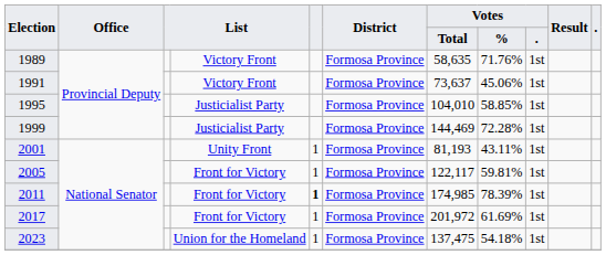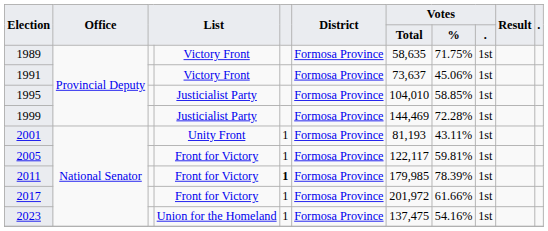 <table class="wikitable" style="font-size:90%; text-align:center;">
 <tr>
 <th style="background-color:#EAECF0;" rowspan=2>Election</th>
 <th style="background-color:#EAECF0;" rowspan=2>Office</th>
 <th style="background-color:#EAECF0;" colspan=2 rowspan=2>List</th>
 <th style="background-color:#EAECF0;" rowspan=2></th>
 <th style="background-color:#EAECF0;" rowspan=2>District</th>
 <th style="background-color:#EAECF0;" colspan=3>Votes</th>
 <th style="background-color:#EAECF0;" rowspan=2>Result</th>
 <th style="background-color:#EAECF0;" rowspan=2>.</th>
 </tr>
 <tr>
 <th style="background-color:#EAECF0;">Total</th>
 <th style="background-color:#EAECF0;">%</th>
 <th style="background-color:#EAECF0;">.</th>
 </tr>
 <tr>
 <td style="background-color:#EAECF0;">1989</td>
 <td rowspan="4"><a href='#'>Provincial Deputy</a></td>
 <td style="background-color:"></td>
 <td><a href='#'>Victory Front</a></td>
 <td></td>
 <td><a href='#'>Formosa Province</a></td>
 <td>58,635</td>
-<td>71.76%</td>
+<td>71.75%</td>
 <td>1st</td>
 <td></td>
 <td></td>
 </tr>
 <tr>
 <td style="background-color:#EAECF0;">1991</td>
 <td style="background-color:"></td>
 <td><a href='#'>Victory Front</a></td>
 <td></td>
 <td><a href='#'>Formosa Province</a></td>
 <td>73,637</td>
 <td>45.06%</td>
 <td>1st</td>
 <td></td>
 <td></td>
 </tr>
 <tr>
 <td style="background-color:#EAECF0;">1995</td>
 <td style="background-color:"></td>
 <td><a href='#'>Justicialist Party</a></td>
 <td></td>
 <td><a href='#'>Formosa Province</a></td>
 <td>104,010</td>
 <td>58.85%</td>
 <td>1st</td>
 <td></td>
 <td></td>
 </tr>
 <tr>
 <td style="background-color:#EAECF0;">1999</td>
 <td style="background-color:"></td>
 <td><a href='#'>Justicialist Party</a></td>
 <td></td>
 <td><a href='#'>Formosa Province</a></td>
 <td>144,469</td>
 <td>72.28%</td>
 <td>1st</td>
 <td></td>
 <td></td>
 </tr>
 <tr>
 <td style="background-color:#EAECF0;"><a href='#'>2001</a></td>
 <td rowspan="5"><a href='#'>National Senator</a></td>
 <td style="background-color:"></td>
 <td><a href='#'>Unity Front</a></td>
 <td>1</td>
 <td><a href='#'>Formosa Province</a></td>
 <td>81,193</td>
 <td>43.11%</td>
 <td>1st</td>
 <td></td>
 <td></td>
 </tr>
 <tr>
 <td style="background-color:#EAECF0;"><a href='#'>2005</a></td>
 <td style="background-color:"></td>
 <td><a href='#'>Front for Victory</a></td>
 <td>1</td>
 <td><a href='#'>Formosa Province</a></td>
 <td>122,117</td>
 <td>59.81%</td>
 <td>1st</td>
 <td></td>
 <td></td>
 </tr>
 <tr>
 <td style="background-color:#EAECF0;"><a href='#'>2011</a></td>
 <td style="background-color:"></td>
 <td><a href='#'>Front for Victory</a></td>
 <td><strong>1</strong></td>
 <td><a href='#'>Formosa Province</a></td>
-<td>174,985</td>
+<td>179,985</td>
 <td>78.39%</td>
 <td>1st</td>
 <td></td>
 <td></td>
 </tr>
 <tr>
 <td style="background-color:#EAECF0;"><a href='#'>2017</a></td>
 <td style="background-color:"></td>
 <td><a href='#'>Front for Victory</a></td>
 <td>1</td>
 <td><a href='#'>Formosa Province</a></td>
 <td>201,972</td>
-<td>61.69%</td>
+<td>61.66%</td>
 <td>1st</td>
 <td></td>
 <td></td>
 </tr>
 <tr>
 <td style="background-color:#EAECF0;"><a href='#'>2023</a></td>
 <td style="background-color:"></td>
 <td><a href='#'>Union for the Homeland</a></td>
 <td>1</td>
 <td><a href='#'>Formosa Province</a></td>
 <td>137,475</td>
-<td>54.18%</td>
+<td>54.16%</td>
 <td>1st</td>
 <td></td>
 <td></td>
 </tr>
 <tr>
 </tr>
 </table>
